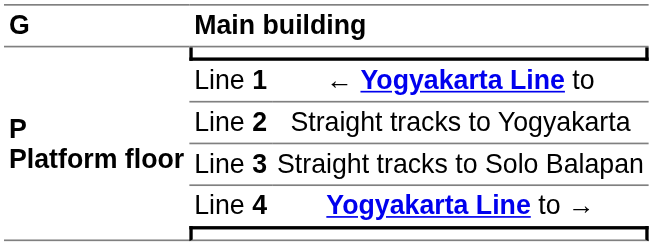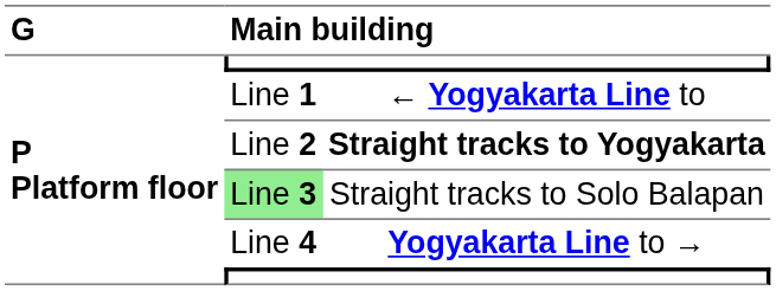 <table cellspacing="0" cellpadding="3">
 <tr>
 <td style="border-top:solid 1px gray;border-bottom:solid 1px gray;"><strong>G</strong></td>
 <td style="border-top:solid 1px gray;border-bottom:solid 1px gray;" colspan="2"><strong>Main building</strong></td>
 </tr>
 <tr>
 <td style="border-bottom:solid 1px gray;" rowspan="6"><strong>P</strong><br><strong>Platform floor</strong></td>
 <td style="border-bottom:solid 2px black;border-left:solid 2px black;border-right:solid 2px black;text-align:center" colspan="2"></td>
 </tr>
 <tr>
 <td>Line <strong>1</strong></td>
 <td style="text-align:center">←   <strong><a href='#'>Yogyakarta Line</a></strong> to </td>
 </tr>
 <tr>
 <td style="border-top:solid 1px gray;">Line <strong>2</strong></td>
-<td style="border-top:solid 1px gray;text-align:center">Straight tracks to Yogyakarta</td>
+<td style="border-top:solid 1px gray;text-align:center"><strong>Straight tracks to Yogyakarta</strong></td>
 </tr>
 <tr>
-<td style="border-top:solid 1px gray;">Line <strong>3</strong></td>
+<td style="background: lightgreen; border-top:solid 1px gray;">Line <strong>3</strong></td>
 <td style="border-top:solid 1px gray;text-align:center">Straight tracks to Solo Balapan</td>
 </tr>
 <tr>
 <td style="border-top:solid 1px gray;">Line <strong>4</strong></td>
 <td style="border-top:solid 1px gray;text-align:center"> <strong><a href='#'>Yogyakarta Line</a></strong> to   →</td>
 </tr>
 <tr>
 <td colspan="2" style="border-top:solid 2px black;border-bottom:solid 1px gray;border-left:solid 2px black;border-right:solid 2px black;text-align:center"></td>
 </tr>
 <tr>
 </tr>
 </table>
